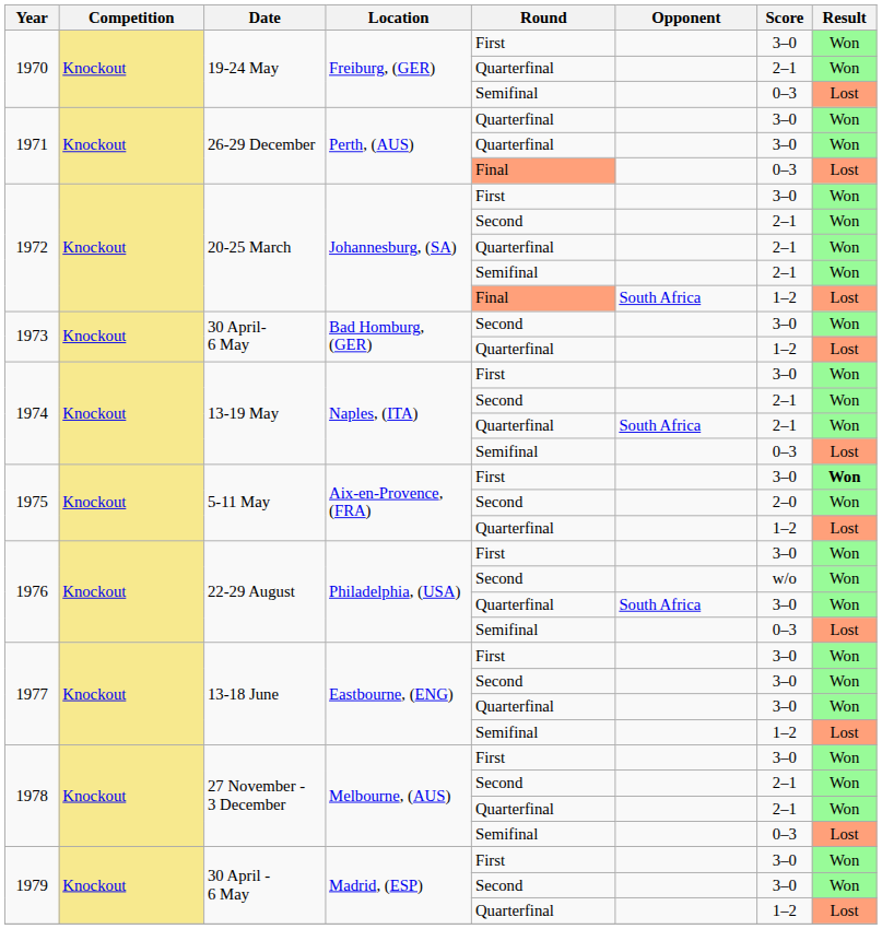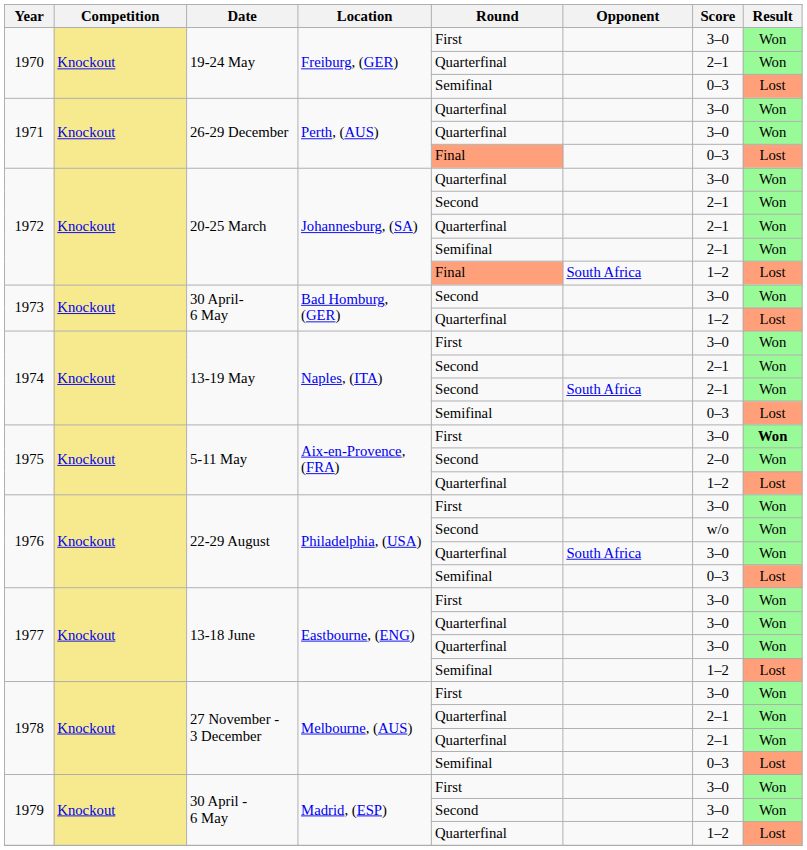 <table class="wikitable collapsible collapsed">
 <tr>
 <th style="width:50px">Year</th>
 <th style="width:150px">Competition</th>
 <th style="width:125px">Date</th>
 <th style="width:150px">Location</th>
 <th style="width:150px">Round</th>
 <th style="width:150px">Opponent</th>
 <th style="width:50px">Score</th>
 <th style="width:60px">Result</th>
 </tr>
 <tr>
 <td align="center" rowspan="3">1970</td>
 <td align="left" rowspan="3" bgcolor=#F7E98E><a href='#'>Knockout</a></td>
 <td align="left" rowspan="3">19-24 May</td>
 <td align="left" rowspan="3"><a href='#'>Freiburg</a>, (<a href='#'>GER</a>)</td>
 <td>First</td>
 <td></td>
 <td align="center">3–0</td>
 <td align="center" bgcolor="#98FB98">Won</td>
 </tr>
 <tr>
 <td>Quarterfinal</td>
 <td></td>
 <td align="center">2–1</td>
 <td align="center" bgcolor="#98FB98">Won</td>
 </tr>
 <tr>
 <td>Semifinal</td>
 <td></td>
 <td align="center">0–3</td>
 <td align="center" bgcolor="FFA07A">Lost</td>
 </tr>
 <tr>
 <td align="center" rowspan="3">1971</td>
 <td align="left" rowspan="3" bgcolor=#F7E98E><a href='#'>Knockout</a></td>
 <td align="left" rowspan="3">26-29 December</td>
 <td align="left" rowspan="3"><a href='#'>Perth</a>, (<a href='#'>AUS</a>)</td>
 <td>Quarterfinal</td>
 <td></td>
 <td align="center">3–0</td>
 <td align="center" bgcolor="#98FB98">Won</td>
 </tr>
 <tr>
 <td>Quarterfinal</td>
 <td></td>
 <td align="center">3–0</td>
 <td align="center" bgcolor="#98FB98">Won</td>
 </tr>
 <tr>
 <td bgcolor=#ffa07a>Final</td>
 <td></td>
 <td align="center">0–3</td>
 <td align="center" bgcolor="FFA07A">Lost</td>
 </tr>
 <tr>
 <td align="center" rowspan="5">1972</td>
 <td align="left" rowspan="5" bgcolor=#F7E98E><a href='#'>Knockout</a></td>
 <td align="left" rowspan="5">20-25 March</td>
 <td align="left" rowspan="5"><a href='#'>Johannesburg</a>, (<a href='#'>SA</a>)</td>
-<td>First</td>
+<td>Quarterfinal</td>
 <td></td>
 <td align="center">3–0</td>
 <td align="center" bgcolor="#98FB98">Won</td>
 </tr>
 <tr>
 <td>Second</td>
 <td></td>
 <td align="center">2–1</td>
 <td align="center" bgcolor="#98FB98">Won</td>
 </tr>
 <tr>
 <td>Quarterfinal</td>
 <td></td>
 <td align="center">2–1</td>
 <td align="center" bgcolor="#98FB98">Won</td>
 </tr>
 <tr>
 <td>Semifinal</td>
 <td></td>
 <td align="center">2–1</td>
 <td align="center" bgcolor="#98FB98">Won</td>
 </tr>
 <tr>
 <td bgcolor=#ffa07a>Final</td>
 <td> <a href='#'>South Africa</a></td>
 <td align="center">1–2</td>
 <td align="center" bgcolor="FFA07A">Lost</td>
 </tr>
 <tr>
 <td align="center" rowspan="2">1973</td>
 <td align="left" rowspan="2" bgcolor=#F7E98E><a href='#'>Knockout</a></td>
 <td align="left" rowspan="2">30 April-<br> 6 May</td>
 <td align="left" rowspan="2"><a href='#'>Bad Homburg</a>, (<a href='#'>GER</a>)</td>
 <td>Second</td>
 <td></td>
 <td align="center">3–0</td>
 <td align="center" bgcolor="#98FB98">Won</td>
 </tr>
 <tr>
 <td>Quarterfinal</td>
 <td></td>
 <td align="center">1–2</td>
 <td align="center" bgcolor="FFA07A">Lost</td>
 </tr>
 <tr>
 <td align="center" rowspan="4">1974</td>
 <td align="left" rowspan="4" bgcolor=#F7E98E><a href='#'>Knockout</a></td>
 <td align="left" rowspan="4">13-19 May</td>
 <td align="left" rowspan="4"><a href='#'>Naples</a>, (<a href='#'>ITA</a>)</td>
 <td>First</td>
 <td></td>
 <td align="center">3–0</td>
 <td align="center" bgcolor="#98FB98">Won</td>
 </tr>
 <tr>
 <td>Second</td>
 <td></td>
 <td align="center">2–1</td>
 <td align="center" bgcolor="#98FB98">Won</td>
 </tr>
 <tr>
-<td>Quarterfinal</td>
+<td>Second</td>
 <td> <a href='#'>South Africa</a></td>
 <td align="center">2–1</td>
 <td align="center" bgcolor="#98FB98">Won</td>
 </tr>
 <tr>
 <td>Semifinal</td>
 <td></td>
 <td align="center">0–3</td>
 <td align="center" bgcolor="FFA07A">Lost</td>
 </tr>
 <tr>
 <td align="center" rowspan="3">1975</td>
 <td align="left" rowspan="3" bgcolor=#F7E98E><a href='#'>Knockout</a></td>
 <td align="left" rowspan="3">5-11 May</td>
 <td align="left" rowspan="3"><a href='#'>Aix-en-Provence</a>, (<a href='#'>FRA</a>)</td>
 <td>First</td>
 <td></td>
 <td align="center">3–0</td>
 <td align="center" bgcolor="#98FB98"><strong>Won</strong></td>
 </tr>
 <tr>
 <td>Second</td>
 <td></td>
 <td align="center">2–0</td>
 <td align="center" bgcolor="#98FB98">Won</td>
 </tr>
 <tr>
 <td>Quarterfinal</td>
 <td></td>
 <td align="center">1–2</td>
 <td align="center" bgcolor="FFA07A">Lost</td>
 </tr>
 <tr>
 <td align="center" rowspan="4">1976</td>
 <td align="left" rowspan="4" bgcolor=#F7E98E><a href='#'>Knockout</a></td>
 <td align="left" rowspan="4">22-29 August</td>
 <td align="left" rowspan="4"><a href='#'>Philadelphia</a>, (<a href='#'>USA</a>)</td>
 <td>First</td>
 <td></td>
 <td align="center">3–0</td>
 <td align="center" bgcolor="#98FB98">Won</td>
 </tr>
 <tr>
 <td>Second</td>
 <td></td>
 <td align="center">w/o</td>
 <td align="center" bgcolor="#98FB98">Won</td>
 </tr>
 <tr>
 <td>Quarterfinal</td>
 <td> <a href='#'>South Africa</a></td>
 <td align="center">3–0</td>
 <td align="center" bgcolor="#98FB98">Won</td>
 </tr>
 <tr>
 <td>Semifinal</td>
 <td></td>
 <td align="center">0–3</td>
 <td align="center" bgcolor="FFA07A">Lost</td>
 </tr>
 <tr>
 <td align="center" rowspan="4">1977</td>
 <td align="left" rowspan="4" bgcolor=#F7E98E><a href='#'>Knockout</a></td>
 <td align="left" rowspan="4">13-18 June</td>
 <td align="left" rowspan="4"><a href='#'>Eastbourne</a>, (<a href='#'>ENG</a>)</td>
 <td>First</td>
 <td></td>
 <td align="center">3–0</td>
 <td align="center" bgcolor="#98FB98">Won</td>
 </tr>
 <tr>
-<td>Second</td>
+<td>Quarterfinal</td>
 <td></td>
 <td align="center">3–0</td>
 <td align="center" bgcolor="#98FB98">Won</td>
 </tr>
 <tr>
 <td>Quarterfinal</td>
 <td></td>
 <td align="center">3–0</td>
 <td align="center" bgcolor="#98FB98">Won</td>
 </tr>
 <tr>
 <td>Semifinal</td>
 <td></td>
 <td align="center">1–2</td>
 <td align="center" bgcolor="FFA07A">Lost</td>
 </tr>
 <tr>
 <td align="center" rowspan="4">1978</td>
 <td align="left" rowspan="4" bgcolor=#F7E98E><a href='#'>Knockout</a></td>
 <td align="left" rowspan="4">27 November -<br> 3 December</td>
 <td align="left" rowspan="4"><a href='#'>Melbourne</a>, (<a href='#'>AUS</a>)</td>
 <td>First</td>
 <td></td>
 <td align="center">3–0</td>
 <td align="center" bgcolor="#98FB98">Won</td>
 </tr>
 <tr>
-<td>Second</td>
+<td>Quarterfinal</td>
 <td></td>
 <td align="center">2–1</td>
 <td align="center" bgcolor="#98FB98">Won</td>
 </tr>
 <tr>
 <td>Quarterfinal</td>
 <td></td>
 <td align="center">2–1</td>
 <td align="center" bgcolor="#98FB98">Won</td>
 </tr>
 <tr>
 <td>Semifinal</td>
 <td></td>
 <td align="center">0–3</td>
 <td align="center" bgcolor="FFA07A">Lost</td>
 </tr>
 <tr>
 <td align="center" rowspan="3">1979</td>
 <td align="left" rowspan="3" bgcolor=#F7E98E><a href='#'>Knockout</a></td>
 <td align="left" rowspan="3">30 April -<br> 6 May</td>
 <td align="left" rowspan="3"><a href='#'>Madrid</a>, (<a href='#'>ESP</a>)</td>
 <td>First</td>
 <td></td>
 <td align="center">3–0</td>
 <td align="center" bgcolor="#98FB98">Won</td>
 </tr>
 <tr>
 <td>Second</td>
 <td></td>
 <td align="center">3–0</td>
 <td align="center" bgcolor="#98FB98">Won</td>
 </tr>
 <tr>
 <td>Quarterfinal</td>
 <td></td>
 <td align="center">1–2</td>
 <td align="center" bgcolor="FFA07A">Lost</td>
 </tr>
 <tr>
 </tr>
 </table>
